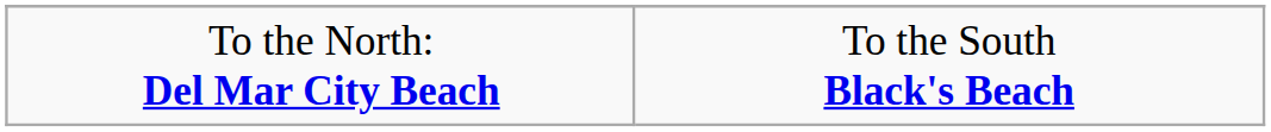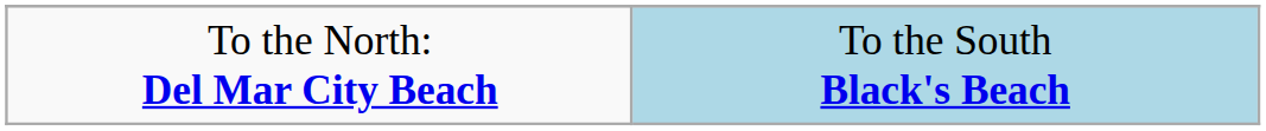 <table class="wikitable" style="margin: 0.5em auto; clear: both; font-size:95%;">
 <tr style="text-align: center;">
 </tr>
 <tr style="text-align: center;">
 <td width="30%" align="center" rowspan="1">To the North:<br><strong><a href='#'>Del Mar City Beach</a></strong><br></td>
-<td width="30%" align="center" rowspan="1">To the South<br><strong><a href='#'>Black's Beach</a></strong></td>
+<td width="30%" align="center" rowspan="1" style="background: lightblue;">To the South<br><strong><a href='#'>Black's Beach</a></strong></td>
 </tr>
 </table>
